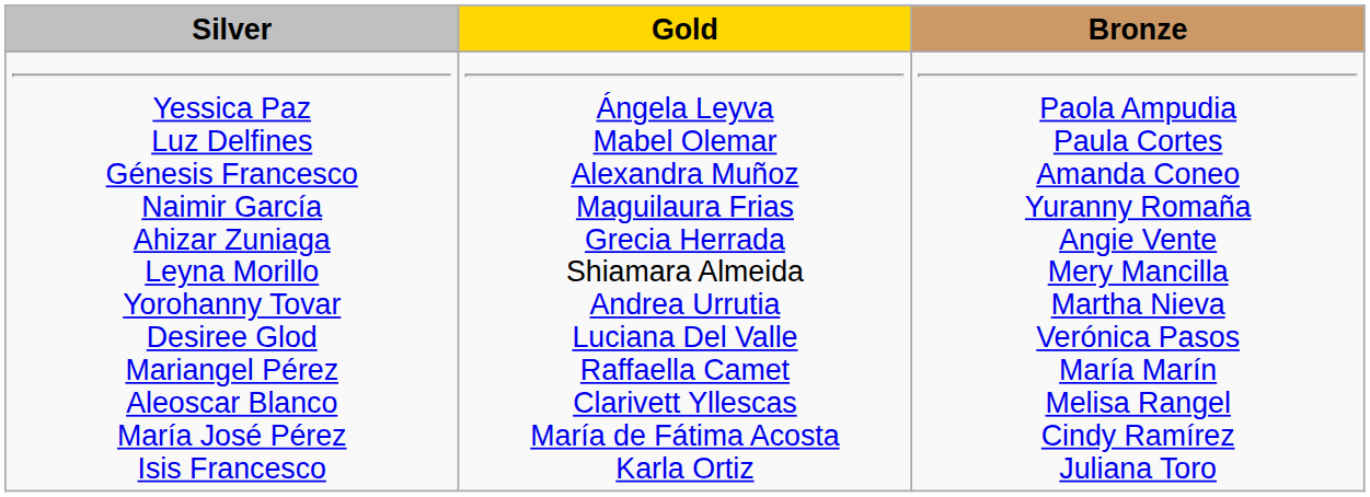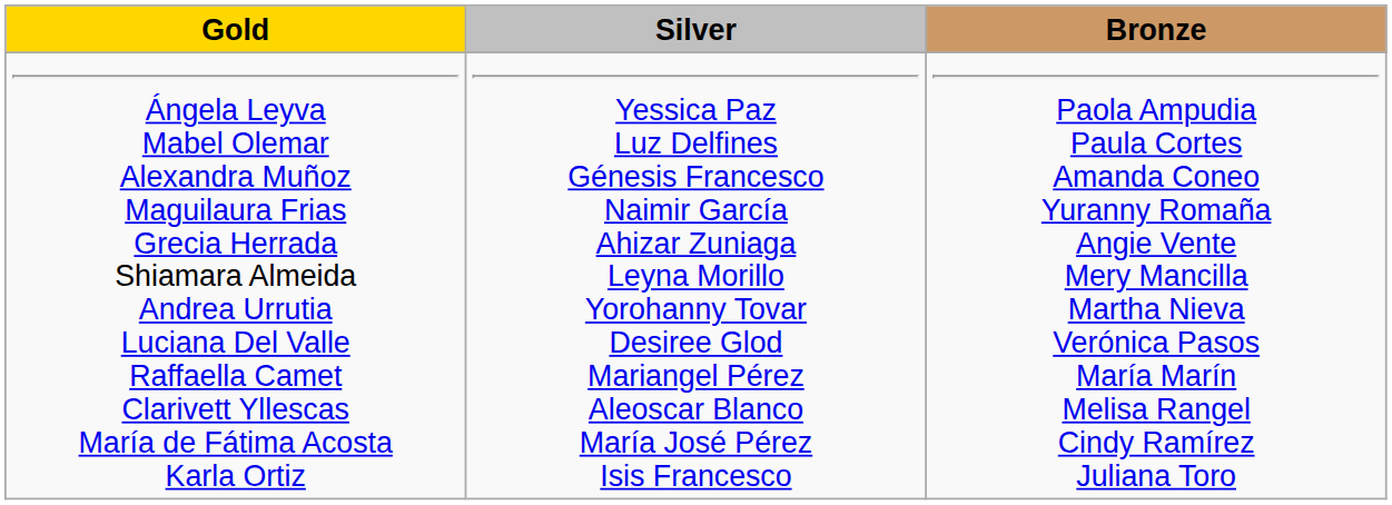 <table class="wikitable" style="font-size:95%;">
 <tr align="center">
+<td style="width: 15em; background: gold"><strong>Gold</strong></td>
 <td style="width: 15em; background: silver"><strong>Silver</strong></td>
-<td style="width: 15em; background: gold"><strong>Gold</strong></td>
 <td style="width: 15em; background: #CC9966"><strong>Bronze</strong></td>
 </tr>
 <tr valign="top" align="center">
+<td><hr><a href='#'>Ángela Leyva</a><br><a href='#'>Mabel Olemar</a><br><a href='#'>Alexandra Muñoz</a><br><a href='#'>Maguilaura Frias</a><br><a href='#'>Grecia Herrada</a><br>Shiamara Almeida<br><a href='#'>Andrea Urrutia</a><br><a href='#'>Luciana Del Valle</a><br><a href='#'>Raffaella Camet</a><br><a href='#'>Clarivett Yllescas</a><br><a href='#'>María de Fátima Acosta</a><br><a href='#'>Karla Ortiz</a></td>
 <td><hr><a href='#'>Yessica Paz</a><br><a href='#'>Luz Delfines</a><br><a href='#'>Génesis Francesco</a><br><a href='#'>Naimir García</a><br><a href='#'>Ahizar Zuniaga</a><br><a href='#'>Leyna Morillo</a><br><a href='#'>Yorohanny Tovar</a><br><a href='#'>Desiree Glod</a><br><a href='#'>Mariangel Pérez</a><br><a href='#'>Aleoscar Blanco</a><br><a href='#'>María José Pérez</a><br><a href='#'>Isis Francesco</a></td>
-<td><hr><a href='#'>Ángela Leyva</a><br><a href='#'>Mabel Olemar</a><br><a href='#'>Alexandra Muñoz</a><br><a href='#'>Maguilaura Frias</a><br><a href='#'>Grecia Herrada</a><br>Shiamara Almeida<br><a href='#'>Andrea Urrutia</a><br><a href='#'>Luciana Del Valle</a><br><a href='#'>Raffaella Camet</a><br><a href='#'>Clarivett Yllescas</a><br><a href='#'>María de Fátima Acosta</a><br><a href='#'>Karla Ortiz</a></td>
 <td><hr><a href='#'>Paola Ampudia</a><br><a href='#'>Paula Cortes</a><br><a href='#'>Amanda Coneo</a><br><a href='#'>Yuranny Romaña</a><br><a href='#'>Angie Vente</a><br><a href='#'>Mery Mancilla</a><br><a href='#'>Martha Nieva</a><br><a href='#'>Verónica Pasos</a><br><a href='#'>María Marín</a><br><a href='#'>Melisa Rangel</a><br><a href='#'>Cindy Ramírez</a><br><a href='#'>Juliana Toro</a></td>
 </tr>
 </table>
